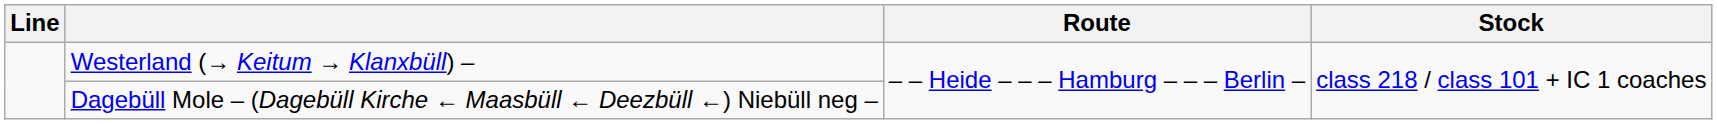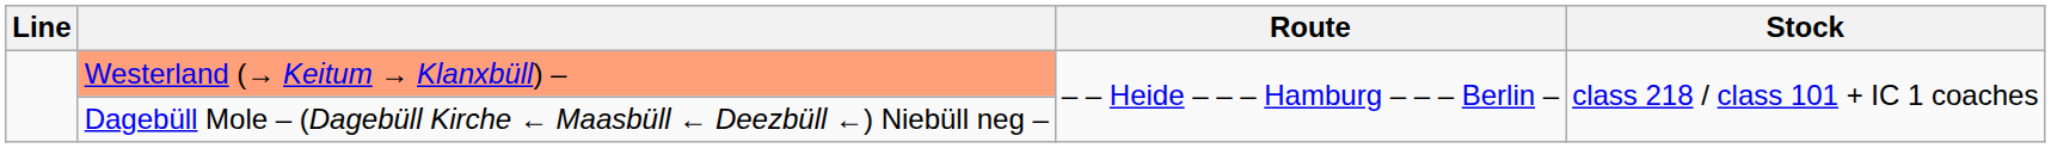 <table class="wikitable">
 <tr>
 <th>Line</th>
 <th></th>
 <th>Route</th>
 <th>Stock</th>
 </tr>
 <tr>
 <td rowspan="2"></td>
-<td><a href='#'>Westerland</a> (<em>→ <a href='#'>Keitum</a> → <a href='#'>Klanxbüll</a></em>) <em>–</em></td>
+<td style="background: lightsalmon;"><a href='#'>Westerland</a> (<em>→ <a href='#'>Keitum</a> → <a href='#'>Klanxbüll</a></em>) <em>–</em></td>
 <td rowspan="2"> –  – <a href='#'>Heide</a> –  –  – <a href='#'>Hamburg</a> –  –  – <a href='#'>Berlin</a> – </td>
 <td rowspan="2"><a href='#'>class 218</a> / <a href='#'>class 101</a> + IC 1 coaches</td>
 </tr>
 <tr>
 <td><a href='#'>Dagebüll</a> Mole<em> </em>–  (<em>Dagebüll Kirche ← Maasbüll ← Deezbüll ←</em>) Niebüll neg –</td>
 </tr>
 </table>
